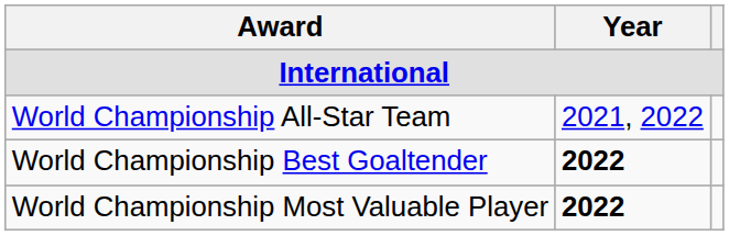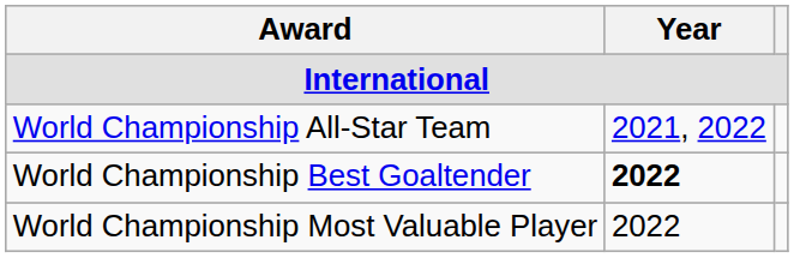 <table class="wikitable">
 <tr>
 <th>Award</th>
 <th>Year</th>
 <th></th>
 </tr>
 <tr ALIGN="center" bgcolor="#e0e0e0">
 <td colspan="3"><strong><a href='#'>International</a></strong></td>
 </tr>
 <tr>
 <td><a href='#'>World Championship</a> All-Star Team</td>
 <td><a href='#'>2021</a>, <a href='#'>2022</a></td>
 <td></td>
 </tr>
 <tr>
 <td>World Championship <a href='#'>Best Goaltender</a></td>
 <td><strong>2022</strong></td>
 <td></td>
 </tr>
 <tr>
 <td>World Championship Most Valuable Player</td>
-<td><strong>2022</strong></td>
+<td>2022</td>
 <td></td>
 </tr>
 </table>
